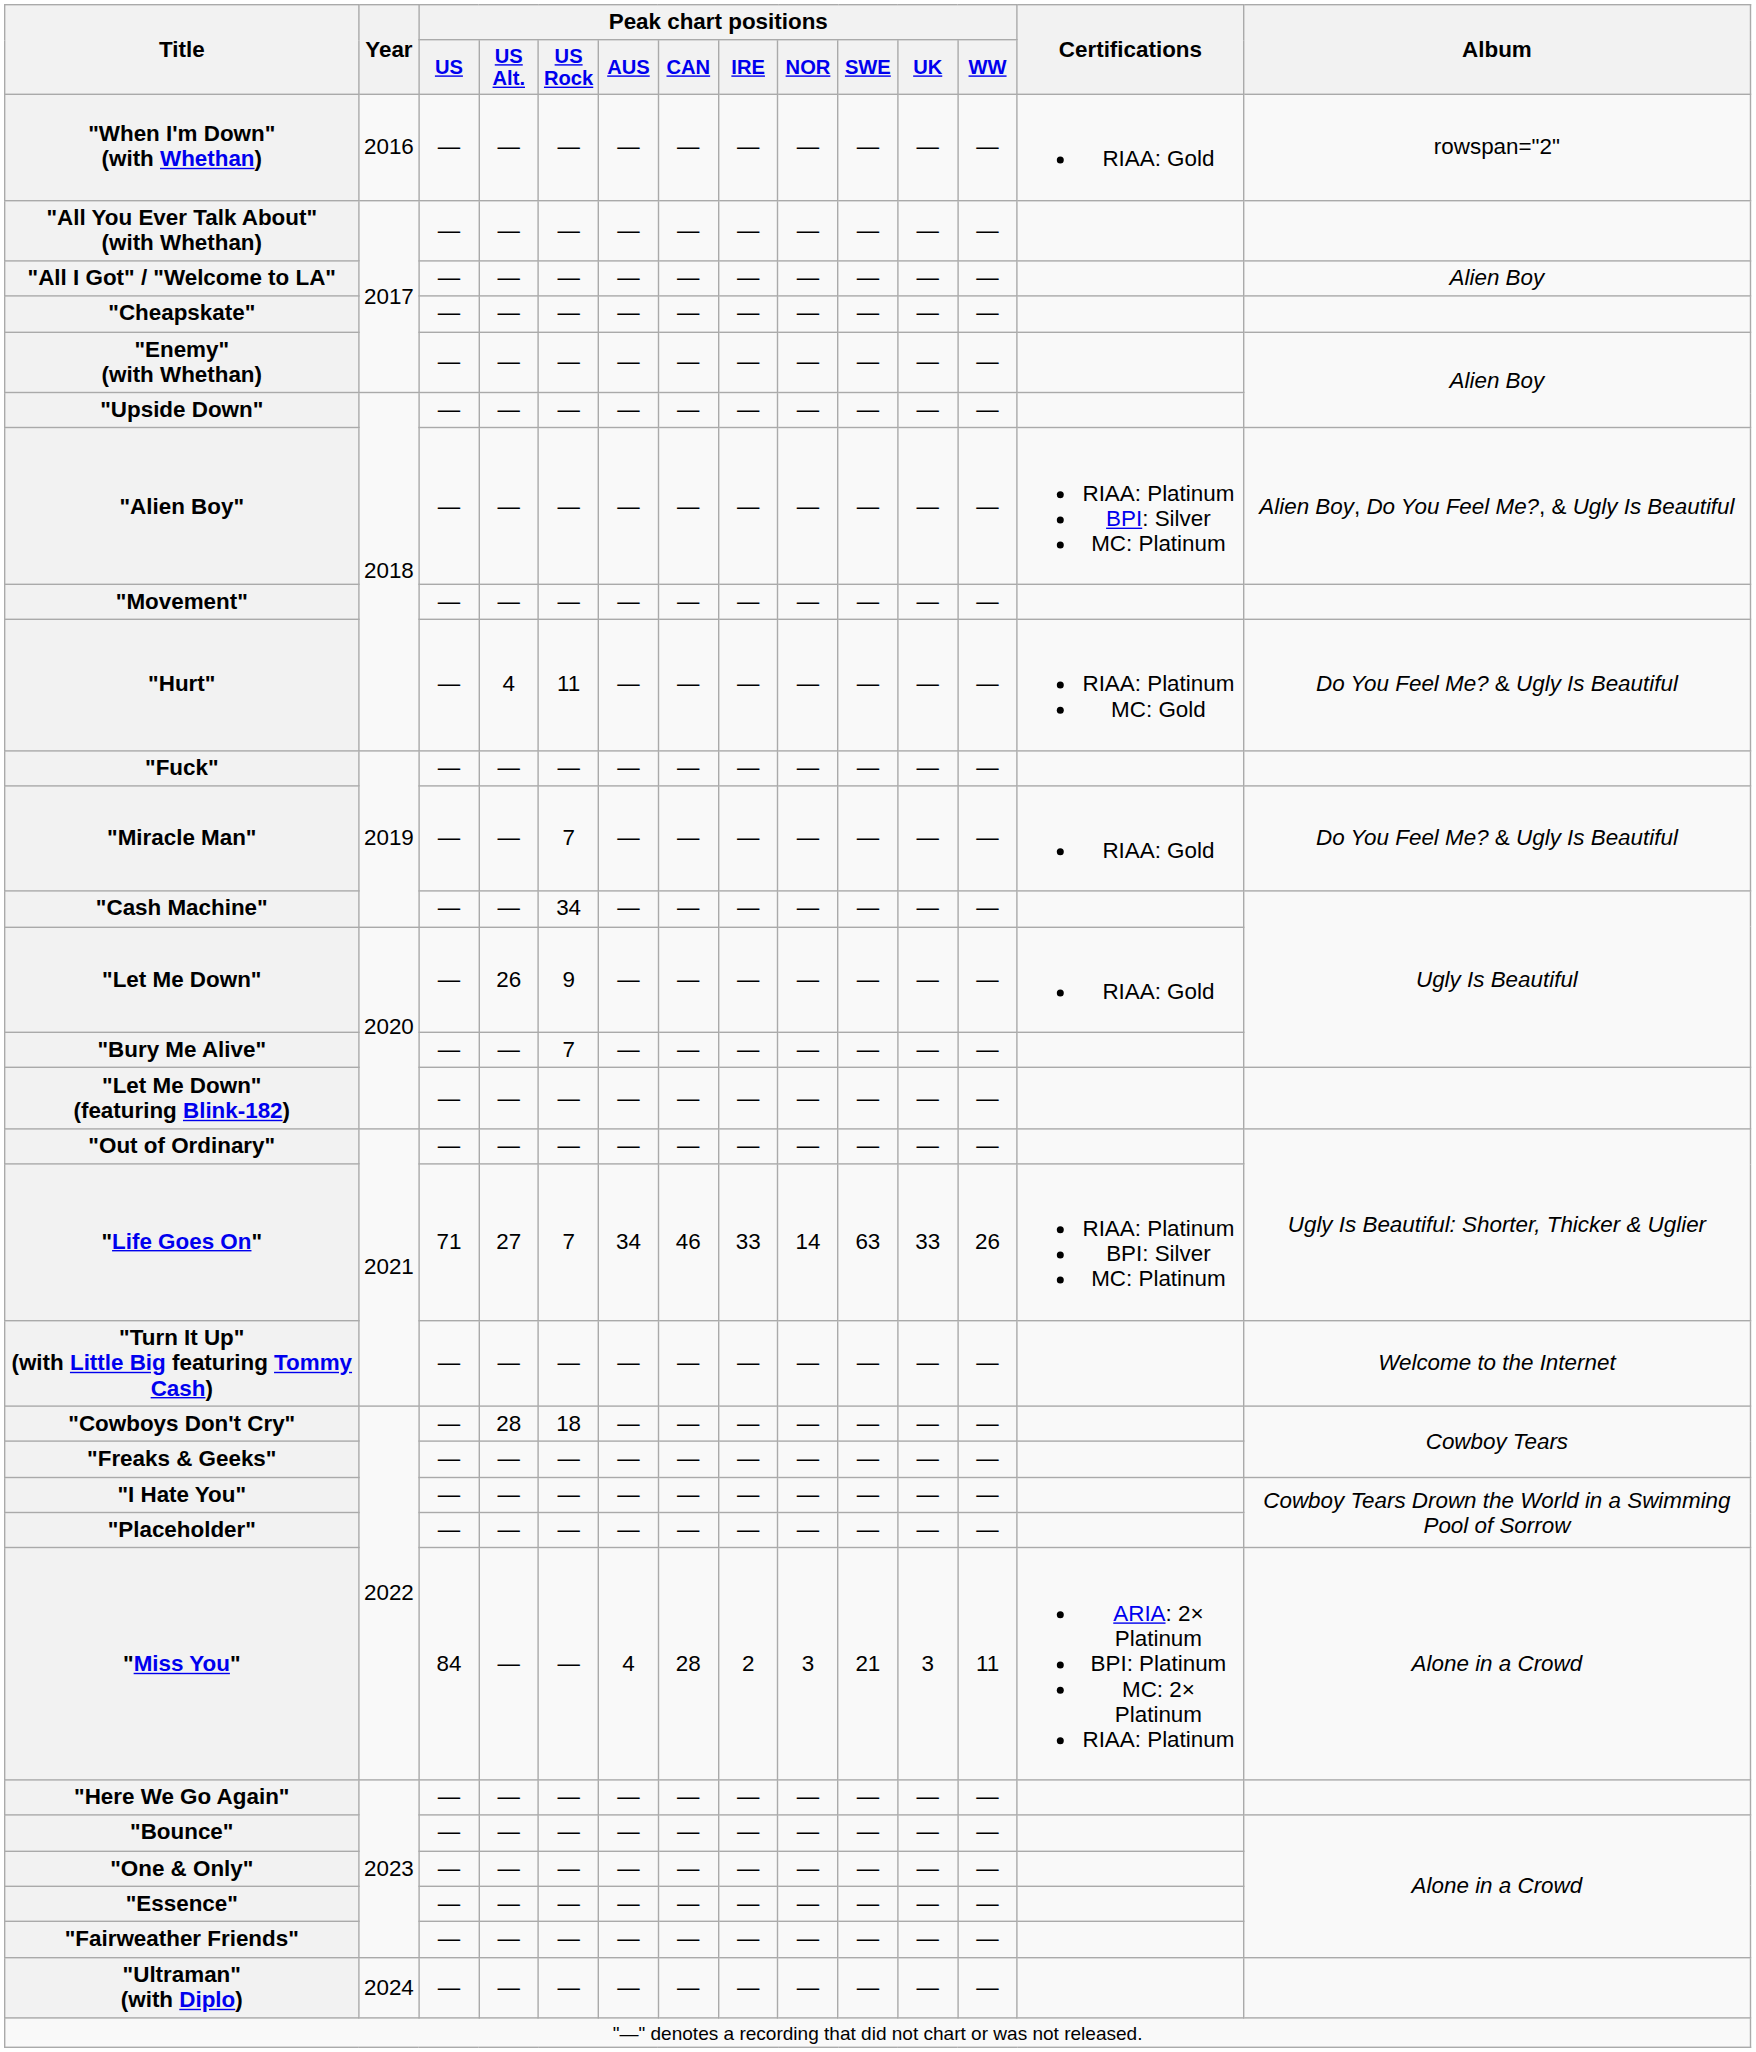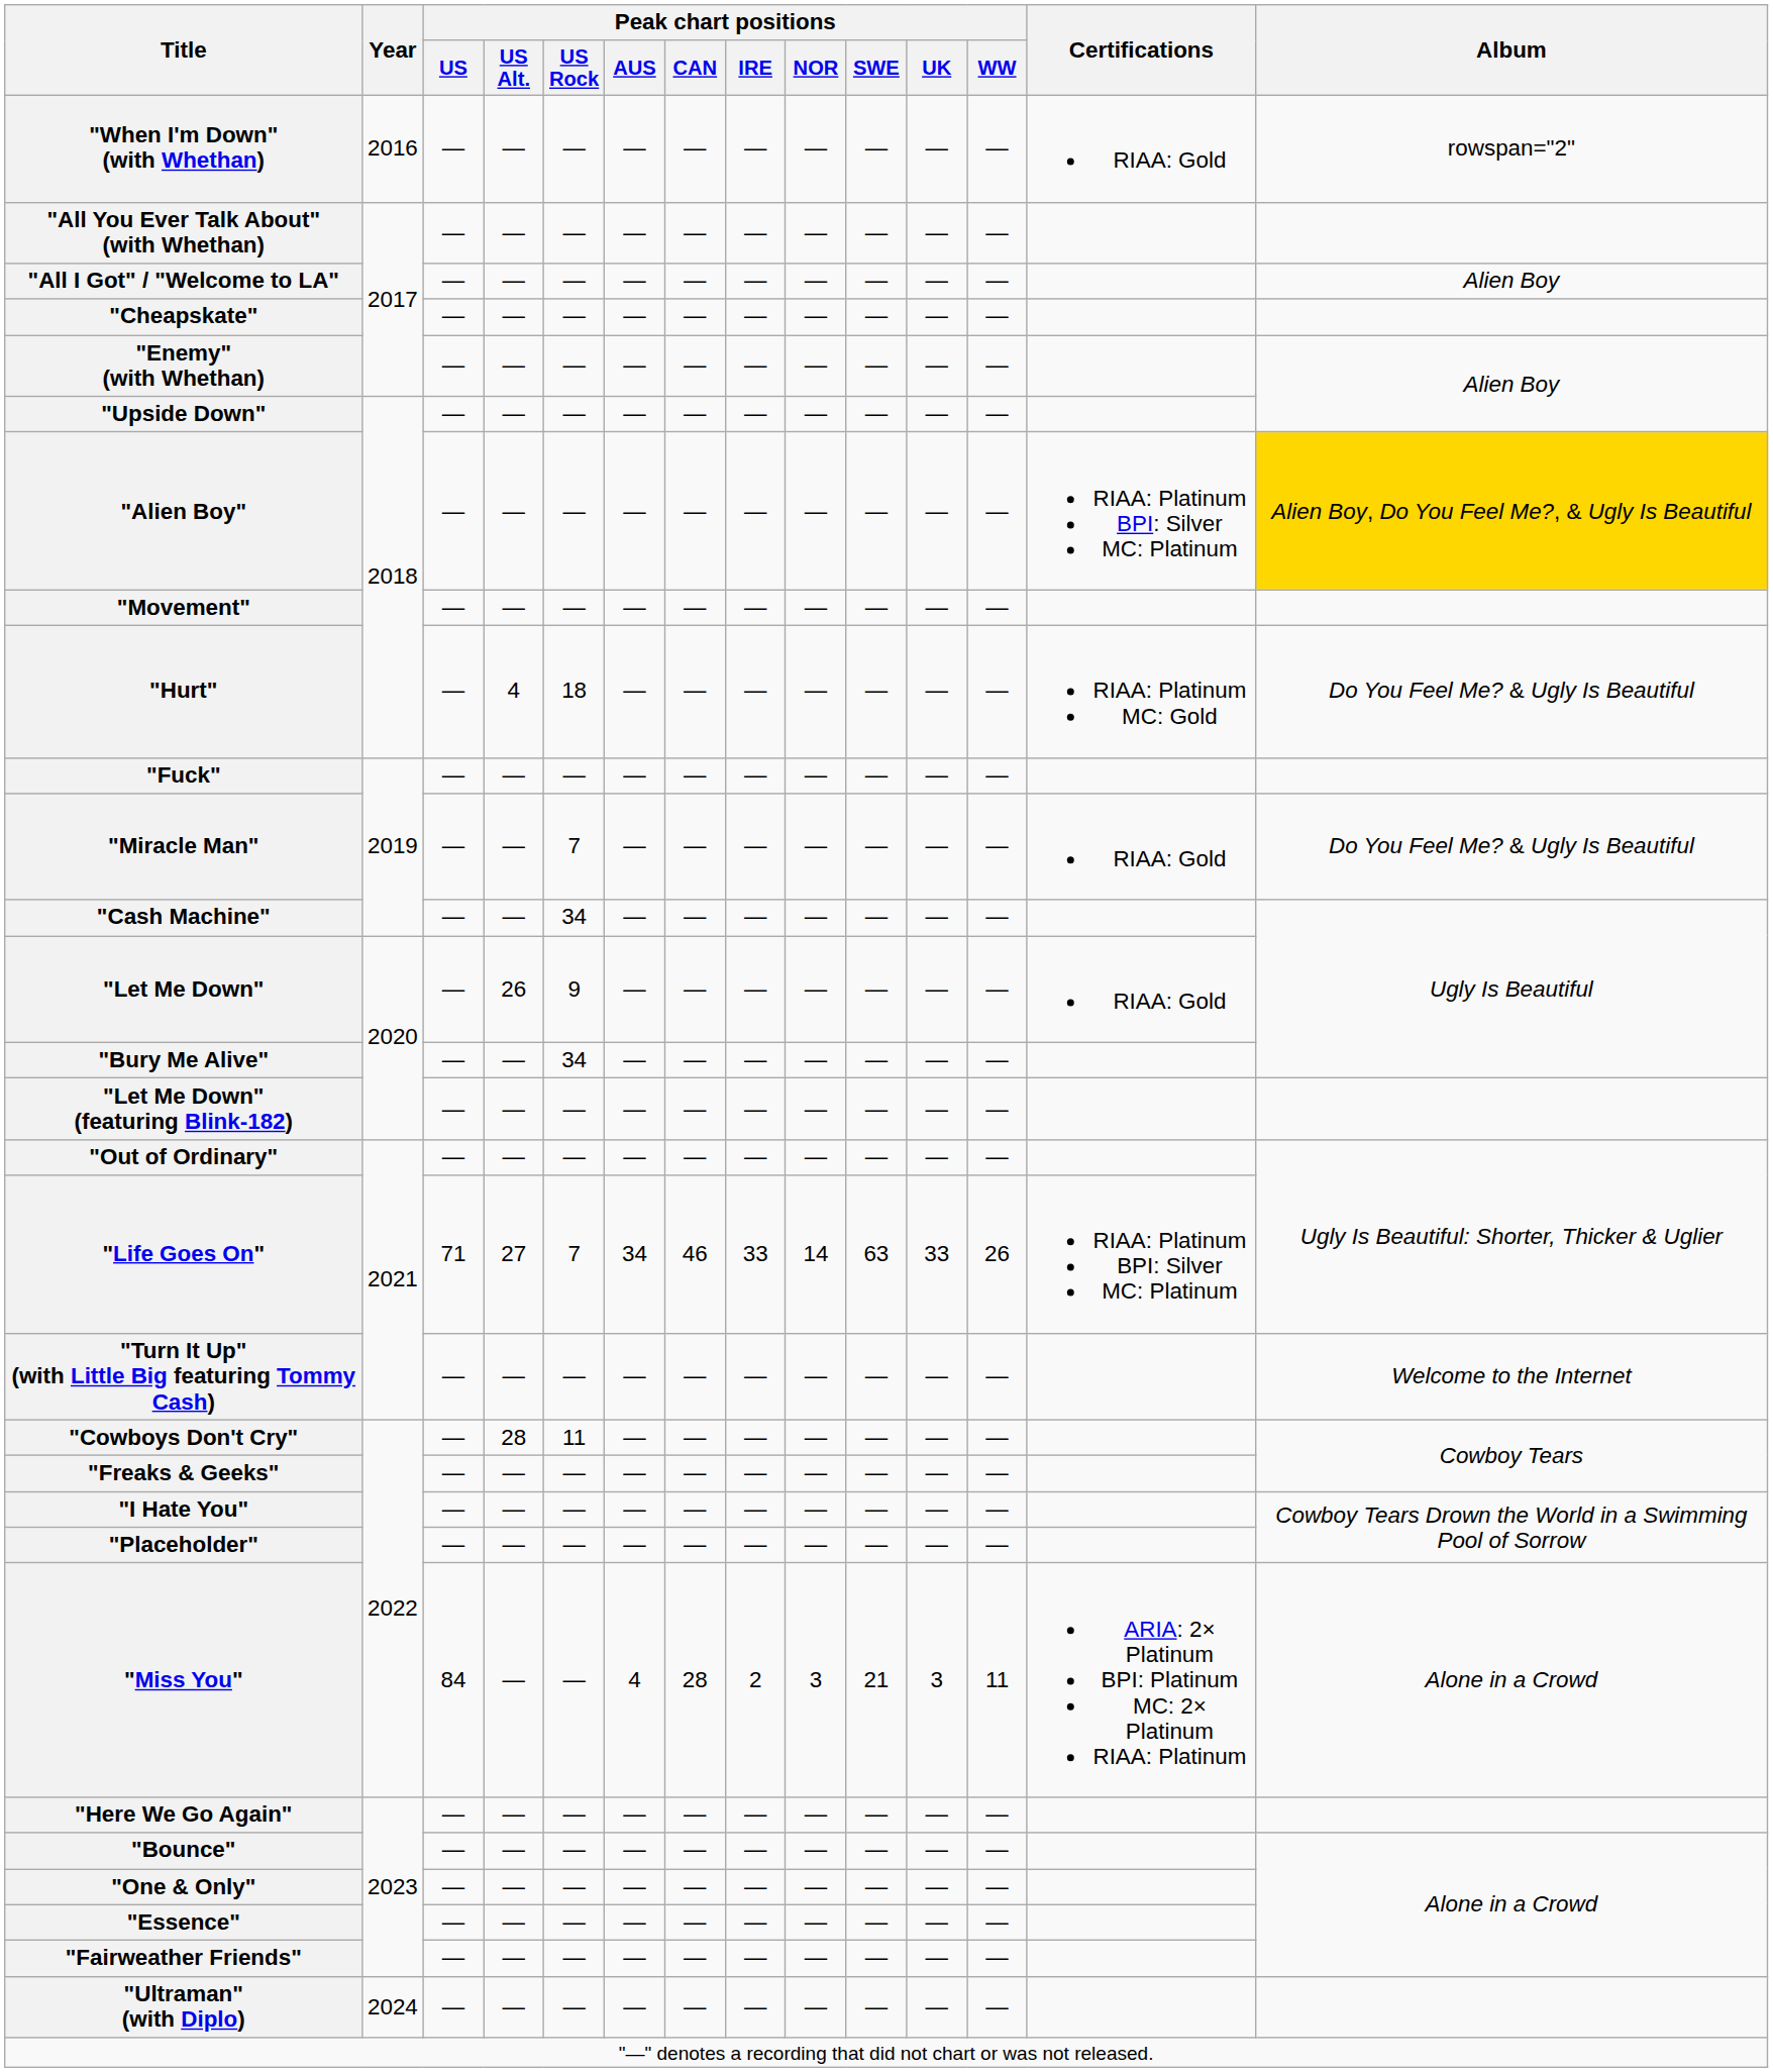 <table class="wikitable plainrowheaders" style="text-align:center">
 <tr>
 <th scope="col" rowspan="2">Title</th>
 <th scope="col" rowspan="2">Year</th>
 <th scope="col" colspan="10">Peak chart positions</th>
 <th scope="col" rowspan="2">Certifications</th>
 <th scope="col" rowspan="2">Album</th>
 </tr>
 <tr>
 <th scope="col" style="width:2.5em;font-size:90%;"><a href='#'>US</a><br></th>
 <th scope="col" style="width:2.5em;font-size:90%;"><a href='#'>US<br>Alt.</a><br></th>
 <th scope="col" style="width:2.5em;font-size:90%;"><a href='#'>US<br>Rock</a><br></th>
 <th scope="col" style="width:2.5em;font-size:90%;"><a href='#'>AUS</a><br></th>
 <th scope="col" style="width:2.5em;font-size:90%;"><a href='#'>CAN</a><br></th>
 <th scope="col" style="width:2.5em;font-size:90%;"><a href='#'>IRE</a><br></th>
 <th scope="col" style="width:2.5em;font-size:90%;"><a href='#'>NOR</a><br></th>
 <th scope="col" style="width:2.5em;font-size:90%;"><a href='#'>SWE</a><br></th>
 <th scope="col" style="width:2.5em;font-size:90%;"><a href='#'>UK</a><br></th>
 <th scope="col" style="width:2.5em;font-size:90%;"><a href='#'>WW</a><br></th>
 </tr>
 <tr>
 <th scope="row">"When I'm Down"<br><span>(with <a href='#'>Whethan</a>)</span></th>
 <td>2016</td>
 <td>—</td>
 <td>—</td>
 <td>—</td>
 <td>—</td>
 <td>—</td>
 <td>—</td>
 <td>—</td>
 <td>—</td>
 <td>—</td>
 <td>—</td>
 <td><br><ul><li>RIAA: Gold</li></ul></td>
 <td>rowspan="2" </td>
 </tr>
 <tr>
 <th scope="row">"All You Ever Talk About"<br><span>(with Whethan)</span></th>
 <td rowspan="4">2017</td>
 <td>—</td>
 <td>—</td>
 <td>—</td>
 <td>—</td>
 <td>—</td>
 <td>—</td>
 <td>—</td>
 <td>—</td>
 <td>—</td>
 <td>—</td>
 <td></td>
 </tr>
 <tr>
 <th scope="row">"All I Got" / "Welcome to LA"</th>
 <td>—</td>
 <td>—</td>
 <td>—</td>
 <td>—</td>
 <td>—</td>
 <td>—</td>
 <td>—</td>
 <td>—</td>
 <td>—</td>
 <td>—</td>
 <td></td>
 <td><em>Alien Boy</em></td>
 </tr>
 <tr>
 <th scope="row">"Cheapskate"</th>
 <td>—</td>
 <td>—</td>
 <td>—</td>
 <td>—</td>
 <td>—</td>
 <td>—</td>
 <td>—</td>
 <td>—</td>
 <td>—</td>
 <td>—</td>
 <td></td>
 <td></td>
 </tr>
 <tr>
 <th scope="row">"Enemy"<br><span>(with Whethan)</span></th>
 <td>—</td>
 <td>—</td>
 <td>—</td>
 <td>—</td>
 <td>—</td>
 <td>—</td>
 <td>—</td>
 <td>—</td>
 <td>—</td>
 <td>—</td>
 <td></td>
 <td rowspan="2"><em>Alien Boy</em></td>
 </tr>
 <tr>
 <th scope="row">"Upside Down"</th>
 <td rowspan="4">2018</td>
 <td>—</td>
 <td>—</td>
 <td>—</td>
 <td>—</td>
 <td>—</td>
 <td>—</td>
 <td>—</td>
 <td>—</td>
 <td>—</td>
 <td>—</td>
 <td></td>
 </tr>
 <tr>
 <th scope="row">"Alien Boy"</th>
 <td>—</td>
 <td>—</td>
 <td>—</td>
 <td>—</td>
 <td>—</td>
 <td>—</td>
 <td>—</td>
 <td>—</td>
 <td>—</td>
 <td>—</td>
 <td><br><ul><li>RIAA: Platinum</li><li><a href='#'>BPI</a>: Silver</li><li>MC: Platinum</li></ul></td>
-<td><em>Alien Boy</em>, <em>Do You Feel Me?</em>, & <em>Ugly Is Beautiful</em></td>
+<td style="background: gold;"><em>Alien Boy</em>, <em>Do You Feel Me?</em>, & <em>Ugly Is Beautiful</em></td>
 </tr>
 <tr>
 <th scope="row">"Movement"</th>
 <td>—</td>
 <td>—</td>
 <td>—</td>
 <td>—</td>
 <td>—</td>
 <td>—</td>
 <td>—</td>
 <td>—</td>
 <td>—</td>
 <td>—</td>
 <td></td>
 <td></td>
 </tr>
 <tr>
 <th scope="row">"Hurt"</th>
 <td>—</td>
 <td>4</td>
-<td>11</td>
+<td>18</td>
 <td>—</td>
 <td>—</td>
 <td>—</td>
 <td>—</td>
 <td>—</td>
 <td>—</td>
 <td>—</td>
 <td><br><ul><li>RIAA: Platinum</li><li>MC: Gold</li></ul></td>
 <td><em>Do You Feel Me?</em> & <em>Ugly Is Beautiful</em></td>
 </tr>
 <tr>
 <th scope="row">"Fuck"</th>
 <td rowspan="3">2019</td>
 <td>—</td>
 <td>—</td>
 <td>—</td>
 <td>—</td>
 <td>—</td>
 <td>—</td>
 <td>—</td>
 <td>—</td>
 <td>—</td>
 <td>—</td>
 <td></td>
 <td></td>
 </tr>
 <tr>
 <th scope="row">"Miracle Man"</th>
 <td>—</td>
 <td>—</td>
 <td>7</td>
 <td>—</td>
 <td>—</td>
 <td>—</td>
 <td>—</td>
 <td>—</td>
 <td>—</td>
 <td>—</td>
 <td><br><ul><li>RIAA: Gold</li></ul></td>
 <td><em>Do You Feel Me?</em> & <em>Ugly Is Beautiful</em></td>
 </tr>
 <tr>
 <th scope="row">"Cash Machine"</th>
 <td>—</td>
 <td>—</td>
 <td>34</td>
 <td>—</td>
 <td>—</td>
 <td>—</td>
 <td>—</td>
 <td>—</td>
 <td>—</td>
 <td>—</td>
 <td></td>
 <td rowspan="3"><em>Ugly Is Beautiful</em></td>
 </tr>
 <tr>
 <th scope="row">"Let Me Down"</th>
 <td rowspan="3">2020</td>
 <td>—</td>
 <td>26</td>
 <td>9</td>
 <td>—</td>
 <td>—</td>
 <td>—</td>
 <td>—</td>
 <td>—</td>
 <td>—</td>
 <td>—</td>
 <td><br><ul><li>RIAA: Gold</li></ul></td>
 </tr>
 <tr>
 <th scope="row">"Bury Me Alive"</th>
 <td>—</td>
 <td>—</td>
-<td>7</td>
+<td>34</td>
 <td>—</td>
 <td>—</td>
 <td>—</td>
 <td>—</td>
 <td>—</td>
 <td>—</td>
 <td>—</td>
 <td></td>
 </tr>
 <tr>
 <th scope="row">"Let Me Down"<br><span>(featuring <a href='#'>Blink-182</a>)</span></th>
 <td>—</td>
 <td>—</td>
 <td>—</td>
 <td>—</td>
 <td>—</td>
 <td>—</td>
 <td>—</td>
 <td>—</td>
 <td>—</td>
 <td>—</td>
 <td></td>
 <td></td>
 </tr>
 <tr>
 <th scope="row">"Out of Ordinary"</th>
 <td rowspan="3">2021</td>
 <td>—</td>
 <td>—</td>
 <td>—</td>
 <td>—</td>
 <td>—</td>
 <td>—</td>
 <td>—</td>
 <td>—</td>
 <td>—</td>
 <td>—</td>
 <td></td>
 <td rowspan="2"><em>Ugly Is Beautiful: Shorter, Thicker & Uglier</em></td>
 </tr>
 <tr>
 <th scope="row">"<a href='#'>Life Goes On</a>"</th>
 <td>71</td>
 <td>27</td>
 <td>7</td>
 <td>34</td>
 <td>46</td>
 <td>33</td>
 <td>14</td>
 <td>63</td>
 <td>33</td>
 <td>26</td>
 <td><br><ul><li>RIAA: Platinum</li><li>BPI: Silver</li><li>MC: Platinum</li></ul></td>
 </tr>
 <tr>
 <th scope="row">"Turn It Up" <br><span>(with <a href='#'>Little Big</a> featuring <a href='#'>Tommy Cash</a>)</span></th>
 <td>—</td>
 <td>—</td>
 <td>—</td>
 <td>—</td>
 <td>—</td>
 <td>—</td>
 <td>—</td>
 <td>—</td>
 <td>—</td>
 <td>—</td>
 <td></td>
 <td><em>Welcome to the Internet</em></td>
 </tr>
 <tr>
 <th scope="row">"Cowboys Don't Cry"</th>
 <td rowspan="5">2022</td>
 <td>—</td>
 <td>28</td>
-<td>18</td>
+<td>11</td>
 <td>—</td>
 <td>—</td>
 <td>—</td>
 <td>—</td>
 <td>—</td>
 <td>—</td>
 <td>—</td>
 <td></td>
 <td rowspan="2"><em>Cowboy Tears</em></td>
 </tr>
 <tr>
 <th scope="row">"Freaks & Geeks"</th>
 <td>—</td>
 <td>—</td>
 <td>—</td>
 <td>—</td>
 <td>—</td>
 <td>—</td>
 <td>—</td>
 <td>—</td>
 <td>—</td>
 <td>—</td>
 <td></td>
 </tr>
 <tr>
 <th scope="row">"I Hate You"</th>
 <td>—</td>
 <td>—</td>
 <td>—</td>
 <td>—</td>
 <td>—</td>
 <td>—</td>
 <td>—</td>
 <td>—</td>
 <td>—</td>
 <td>—</td>
 <td></td>
 <td rowspan="2"><em>Cowboy Tears Drown the World in a Swimming Pool of Sorrow</em></td>
 </tr>
 <tr>
 <th scope="row">"Placeholder"</th>
 <td>—</td>
 <td>—</td>
 <td>—</td>
 <td>—</td>
 <td>—</td>
 <td>—</td>
 <td>—</td>
 <td>—</td>
 <td>—</td>
 <td>—</td>
 <td></td>
 </tr>
 <tr>
 <th scope="row">"<a href='#'>Miss You</a>"<br></th>
 <td>84</td>
 <td>—</td>
 <td>—</td>
 <td>4</td>
 <td>28</td>
 <td>2</td>
 <td>3</td>
 <td>21</td>
 <td>3</td>
 <td>11</td>
 <td><br><ul><li><a href='#'>ARIA</a>: 2× Platinum</li><li>BPI: Platinum</li><li>MC: 2× Platinum</li><li>RIAA: Platinum</li></ul></td>
 <td><em>Alone in a Crowd</em></td>
 </tr>
 <tr>
 <th scope="row">"Here We Go Again"<br></th>
 <td rowspan="5">2023</td>
 <td>—</td>
 <td>—</td>
 <td>—</td>
 <td>—</td>
 <td>—</td>
 <td>—</td>
 <td>—</td>
 <td>—</td>
 <td>—</td>
 <td>—</td>
 <td></td>
 <td></td>
 </tr>
 <tr>
 <th scope="row">"Bounce"</th>
 <td>—</td>
 <td>—</td>
 <td>—</td>
 <td>—</td>
 <td>—</td>
 <td>—</td>
 <td>—</td>
 <td>—</td>
 <td>—</td>
 <td>—</td>
 <td></td>
 <td rowspan="4"><em>Alone in a Crowd</em></td>
 </tr>
 <tr>
 <th scope="row">"One & Only"</th>
 <td>—</td>
 <td>—</td>
 <td>—</td>
 <td>—</td>
 <td>—</td>
 <td>—</td>
 <td>—</td>
 <td>—</td>
 <td>—</td>
 <td>—</td>
 <td></td>
 </tr>
 <tr>
 <th scope="row">"Essence" <br></th>
 <td>—</td>
 <td>—</td>
 <td>—</td>
 <td>—</td>
 <td>—</td>
 <td>—</td>
 <td>—</td>
 <td>—</td>
 <td>—</td>
 <td>—</td>
 <td></td>
 </tr>
 <tr>
 <th scope="row">"Fairweather Friends"</th>
 <td>—</td>
 <td>—</td>
 <td>—</td>
 <td>—</td>
 <td>—</td>
 <td>—</td>
 <td>—</td>
 <td>—</td>
 <td>—</td>
 <td>—</td>
 <td></td>
 </tr>
 <tr>
 <th scope="row">"Ultraman"<br><span>(with <a href='#'>Diplo</a>)</span></th>
 <td>2024</td>
 <td>—</td>
 <td>—</td>
 <td>—</td>
 <td>—</td>
 <td>—</td>
 <td>—</td>
 <td>—</td>
 <td>—</td>
 <td>—</td>
 <td>—</td>
 <td></td>
 <td></td>
 </tr>
 <tr>
 <td colspan="15" style="font-size:85%">"—" denotes a recording that did not chart or was not released.</td>
 </tr>
 </table>
